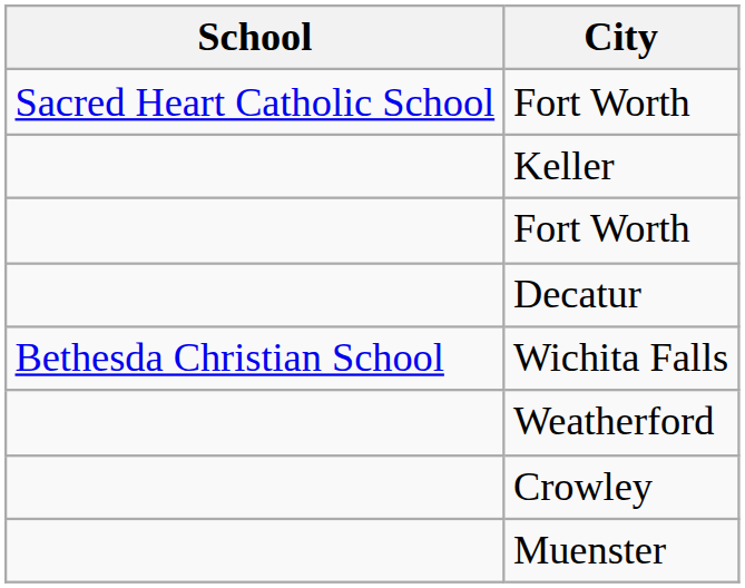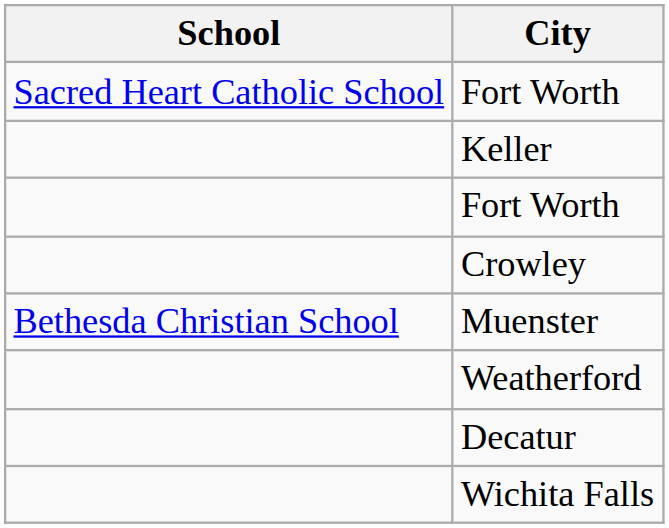 <table class="wikitable">
 <tr>
 <th>School</th>
 <th>City</th>
 </tr>
 <tr>
 <td><a href='#'>Sacred Heart Catholic School</a></td>
 <td>Fort Worth</td>
 </tr>
 <tr>
 <td></td>
 <td>Keller</td>
 </tr>
 <tr>
 <td></td>
 <td>Fort Worth</td>
 </tr>
 <tr>
 <td></td>
-<td>Decatur</td>
+<td>Crowley</td>
 </tr>
 <tr>
 <td><a href='#'>Bethesda Christian School</a></td>
-<td>Wichita Falls</td>
+<td>Muenster</td>
 </tr>
 <tr>
 <td></td>
 <td>Weatherford</td>
 </tr>
 <tr>
 <td></td>
-<td>Crowley</td>
+<td>Decatur</td>
 </tr>
 <tr>
 <td></td>
-<td>Muenster</td>
+<td>Wichita Falls</td>
 </tr>
 </table>
